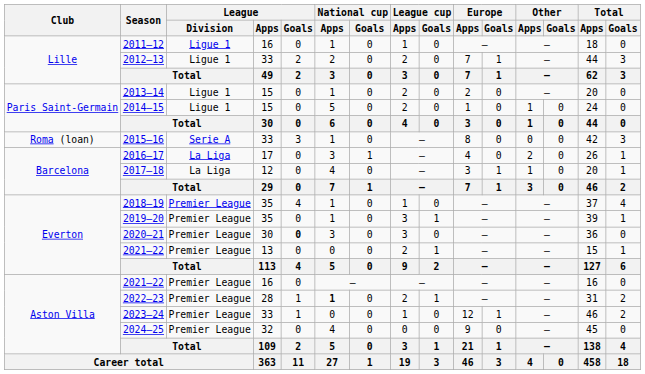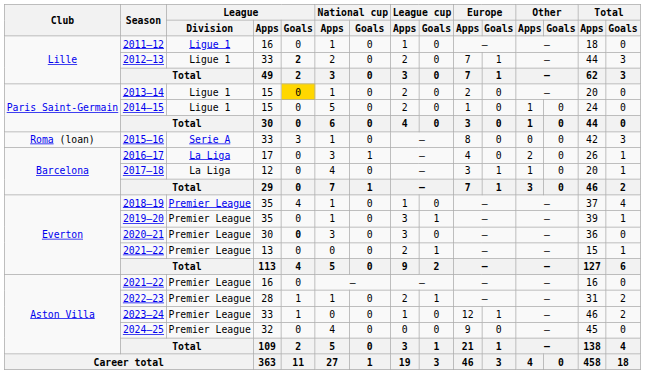 <table class="wikitable" style="text-align: center;">
 <tr>
 <th rowspan="2">Club</th>
 <th rowspan="2">Season</th>
 <th colspan="3">League</th>
 <th colspan="2">National cup</th>
 <th colspan="2">League cup</th>
 <th colspan="2">Europe</th>
 <th colspan="2">Other</th>
 <th colspan="2">Total</th>
 </tr>
 <tr>
 <th>Division</th>
 <th>Apps</th>
 <th>Goals</th>
 <th>Apps</th>
 <th>Goals</th>
 <th>Apps</th>
 <th>Goals</th>
 <th>Apps</th>
 <th>Goals</th>
 <th>Apps</th>
 <th>Goals</th>
 <th>Apps</th>
 <th>Goals</th>
 </tr>
 <tr>
 <td rowspan="3"><a href='#'>Lille</a></td>
 <td><a href='#'>2011–12</a></td>
 <td><a href='#'>Ligue 1</a></td>
 <td>16</td>
 <td>0</td>
 <td>1</td>
 <td>0</td>
 <td>1</td>
 <td>0</td>
 <td colspan="2">—</td>
 <td colspan="2">—</td>
 <td>18</td>
 <td>0</td>
 </tr>
 <tr>
 <td><a href='#'>2012–13</a></td>
 <td>Ligue 1</td>
 <td>33</td>
-<td>2</td>
+<td><strong>2</strong></td>
 <td>2</td>
 <td>0</td>
 <td>2</td>
 <td>0</td>
 <td>7</td>
 <td>1</td>
 <td colspan="2">—</td>
 <td>44</td>
 <td>3</td>
 </tr>
 <tr>
 <th colspan="2">Total</th>
 <th>49</th>
 <th>2</th>
 <th>3</th>
 <th>0</th>
 <th>3</th>
 <th>0</th>
 <th>7</th>
 <th>1</th>
 <th colspan="2">—</th>
 <th>62</th>
 <th>3</th>
 </tr>
 <tr>
 <td rowspan="3"><a href='#'>Paris Saint-Germain</a></td>
 <td><a href='#'>2013–14</a></td>
 <td>Ligue 1</td>
 <td>15</td>
-<td>0</td>
+<td style="background: gold;">0</td>
 <td>1</td>
 <td>0</td>
 <td>2</td>
 <td>0</td>
 <td>2</td>
 <td>0</td>
 <td colspan="2">—</td>
 <td>20</td>
 <td>0</td>
 </tr>
 <tr>
 <td><a href='#'>2014–15</a></td>
 <td>Ligue 1</td>
 <td>15</td>
 <td>0</td>
 <td>5</td>
 <td>0</td>
 <td>2</td>
 <td>0</td>
 <td>1</td>
 <td>0</td>
 <td>1</td>
 <td>0</td>
 <td>24</td>
 <td>0</td>
 </tr>
 <tr>
 <th colspan="2">Total</th>
 <th>30</th>
 <th>0</th>
 <th>6</th>
 <th>0</th>
 <th>4</th>
 <th>0</th>
 <th>3</th>
 <th>0</th>
 <th>1</th>
 <th>0</th>
 <th>44</th>
 <th>0</th>
 </tr>
 <tr>
 <td><a href='#'>Roma</a> (loan)</td>
 <td><a href='#'>2015–16</a></td>
 <td><a href='#'>Serie A</a></td>
 <td>33</td>
 <td>3</td>
 <td>1</td>
 <td>0</td>
 <td colspan="2">—</td>
 <td>8</td>
 <td>0</td>
 <td>0</td>
 <td>0</td>
 <td>42</td>
 <td>3</td>
 </tr>
 <tr>
 <td rowspan="3"><a href='#'>Barcelona</a></td>
 <td><a href='#'>2016–17</a></td>
 <td><a href='#'>La Liga</a></td>
 <td>17</td>
 <td>0</td>
 <td>3</td>
 <td>1</td>
 <td colspan="2">—</td>
 <td>4</td>
 <td>0</td>
 <td>2</td>
 <td>0</td>
 <td>26</td>
 <td>1</td>
 </tr>
 <tr>
 <td><a href='#'>2017–18</a></td>
 <td>La Liga</td>
 <td>12</td>
 <td>0</td>
 <td>4</td>
 <td>0</td>
 <td colspan="2">—</td>
 <td>3</td>
 <td>1</td>
 <td>1</td>
 <td>0</td>
 <td>20</td>
 <td>1</td>
 </tr>
 <tr>
 <th colspan="2">Total</th>
 <th>29</th>
 <th>0</th>
 <th>7</th>
 <th>1</th>
 <th colspan="2">—</th>
 <th>7</th>
 <th>1</th>
 <th>3</th>
 <th>0</th>
 <th>46</th>
 <th>2</th>
 </tr>
 <tr>
 <td rowspan="5"><a href='#'>Everton</a></td>
 <td><a href='#'>2018–19</a></td>
 <td><a href='#'>Premier League</a></td>
 <td>35</td>
 <td>4</td>
 <td>1</td>
 <td>0</td>
 <td>1</td>
 <td>0</td>
 <td colspan="2">—</td>
 <td colspan="2">—</td>
 <td>37</td>
 <td>4</td>
 </tr>
 <tr>
 <td><a href='#'>2019–20</a></td>
 <td>Premier League</td>
 <td>35</td>
 <td>0</td>
 <td>1</td>
 <td>0</td>
 <td>3</td>
 <td>1</td>
 <td colspan="2">—</td>
 <td colspan="2">—</td>
 <td>39</td>
 <td>1</td>
 </tr>
 <tr>
 <td><a href='#'>2020–21</a></td>
 <td>Premier League</td>
 <td>30</td>
 <td><strong>0</strong></td>
 <td>3</td>
 <td>0</td>
 <td>3</td>
 <td>0</td>
 <td colspan="2">—</td>
 <td colspan="2">—</td>
 <td>36</td>
 <td>0</td>
 </tr>
 <tr>
 <td><a href='#'>2021–22</a></td>
 <td>Premier League</td>
 <td>13</td>
 <td>0</td>
 <td>0</td>
 <td>0</td>
 <td>2</td>
 <td>1</td>
 <td colspan="2">—</td>
 <td colspan="2">—</td>
 <td>15</td>
 <td>1</td>
 </tr>
 <tr>
 <th colspan="2">Total</th>
 <th>113</th>
 <th>4</th>
 <th>5</th>
 <th>0</th>
 <th>9</th>
 <th>2</th>
 <th colspan="2">—</th>
 <th colspan="2">—</th>
 <th>127</th>
 <th>6</th>
 </tr>
 <tr>
 <td rowspan="5"><a href='#'>Aston Villa</a></td>
 <td><a href='#'>2021–22</a></td>
 <td>Premier League</td>
 <td>16</td>
 <td>0</td>
 <td colspan="2">—</td>
 <td colspan="2">—</td>
 <td colspan="2">—</td>
 <td colspan="2">—</td>
 <td>16</td>
 <td>0</td>
 </tr>
 <tr>
 <td><a href='#'>2022–23</a></td>
 <td>Premier League</td>
 <td>28</td>
 <td>1</td>
-<td><strong>1</strong></td>
+<td>1</td>
 <td>0</td>
 <td>2</td>
 <td>1</td>
 <td colspan="2">—</td>
 <td colspan="2">—</td>
 <td>31</td>
 <td>2</td>
 </tr>
 <tr>
 <td><a href='#'>2023–24</a></td>
 <td>Premier League</td>
 <td>33</td>
 <td>1</td>
 <td>0</td>
 <td>0</td>
 <td>1</td>
 <td>0</td>
 <td>12</td>
 <td>1</td>
 <td colspan="2">—</td>
 <td>46</td>
 <td>2</td>
 </tr>
 <tr>
 <td><a href='#'>2024–25</a></td>
 <td>Premier League</td>
 <td>32</td>
 <td>0</td>
 <td>4</td>
 <td>0</td>
 <td>0</td>
 <td>0</td>
 <td>9</td>
 <td>0</td>
 <td colspan="2">—</td>
 <td>45</td>
 <td>0</td>
 </tr>
 <tr>
 <th colspan="2">Total</th>
 <th>109</th>
 <th>2</th>
 <th>5</th>
 <th>0</th>
 <th>3</th>
 <th>1</th>
 <th>21</th>
 <th>1</th>
 <th colspan="2">—</th>
 <th>138</th>
 <th>4</th>
 </tr>
 <tr>
 <th colspan="3">Career total</th>
 <th>363</th>
 <th>11</th>
 <th>27</th>
 <th>1</th>
 <th>19</th>
 <th>3</th>
 <th>46</th>
 <th>3</th>
 <th>4</th>
 <th>0</th>
 <th>458</th>
 <th>18</th>
 </tr>
 </table>
